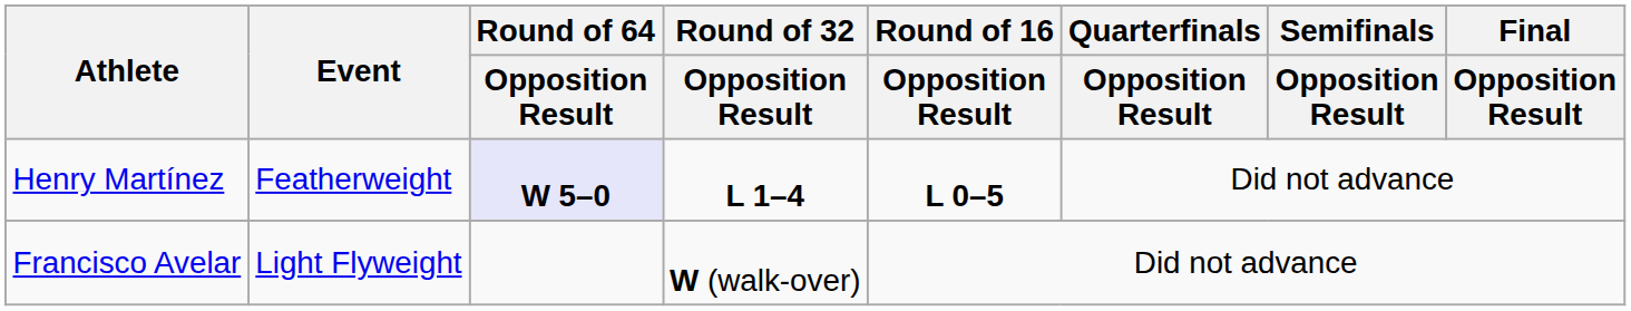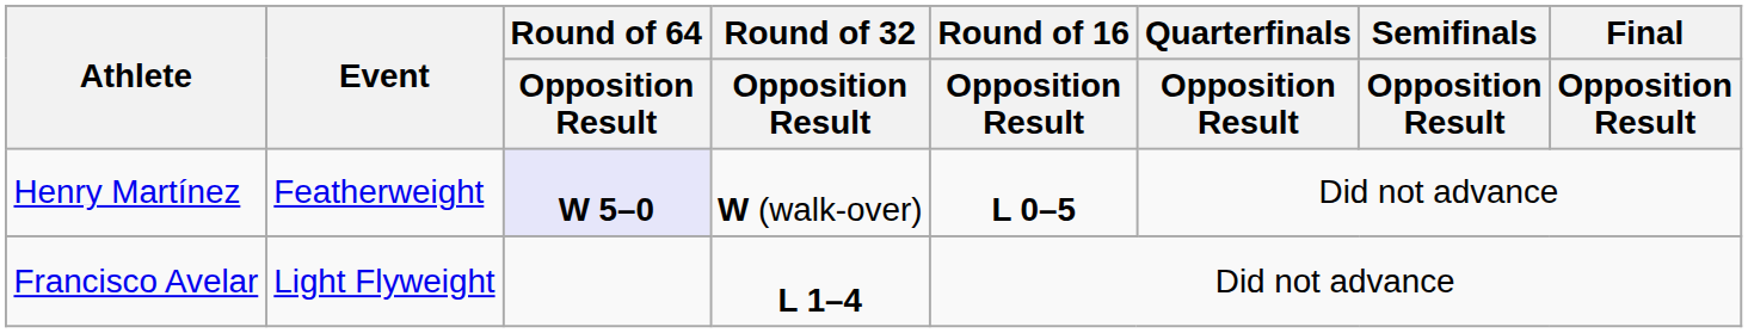 <table class="wikitable" style="font-size:90%">
 <tr>
 <th rowspan="2">Athlete</th>
 <th rowspan="2">Event</th>
 <th>Round of 64</th>
 <th>Round of 32</th>
 <th>Round of 16</th>
 <th>Quarterfinals</th>
 <th>Semifinals</th>
 <th>Final</th>
 </tr>
 <tr>
 <th>Opposition<br>Result</th>
 <th>Opposition<br>Result</th>
 <th>Opposition<br>Result</th>
 <th>Opposition<br>Result</th>
 <th>Opposition<br>Result</th>
 <th>Opposition<br>Result</th>
 </tr>
 <tr>
 <td><a href='#'>Henry Martínez</a></td>
 <td><a href='#'>Featherweight</a></td>
 <td align=center style="background: lavender;"><br><strong>W 5–0</strong></td>
-<td align=center><br><strong>L 1–4</strong></td>
+<td align=center><br><strong>W</strong> (walk-over)</td>
 <td align=center><br><strong>L 0–5</strong></td>
 <td align=center colspan="3">Did not advance</td>
 </tr>
 <tr>
 <td><a href='#'>Francisco Avelar</a></td>
 <td><a href='#'>Light Flyweight</a></td>
 <td></td>
-<td align=center><br><strong>W</strong> (walk-over)</td>
+<td align=center><br><strong>L 1–4</strong></td>
 <td align=center colspan="4">Did not advance</td>
 </tr>
 </table>
